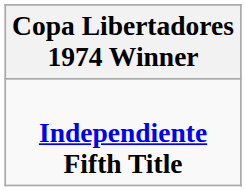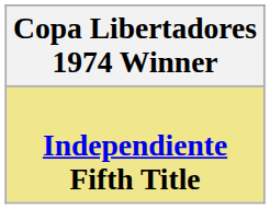 <table class="wikitable" style="text-align: center; margin: 0 auto;">
 <tr>
 <th>Copa Libertadores<br>1974 Winner</th>
 </tr>
 <tr>
-<td><br><strong><a href='#'>Independiente</a></strong><br><strong>Fifth Title</strong></td>
+<td style="background: khaki;"><br><strong><a href='#'>Independiente</a></strong><br><strong>Fifth Title</strong></td>
 </tr>
 </table>
